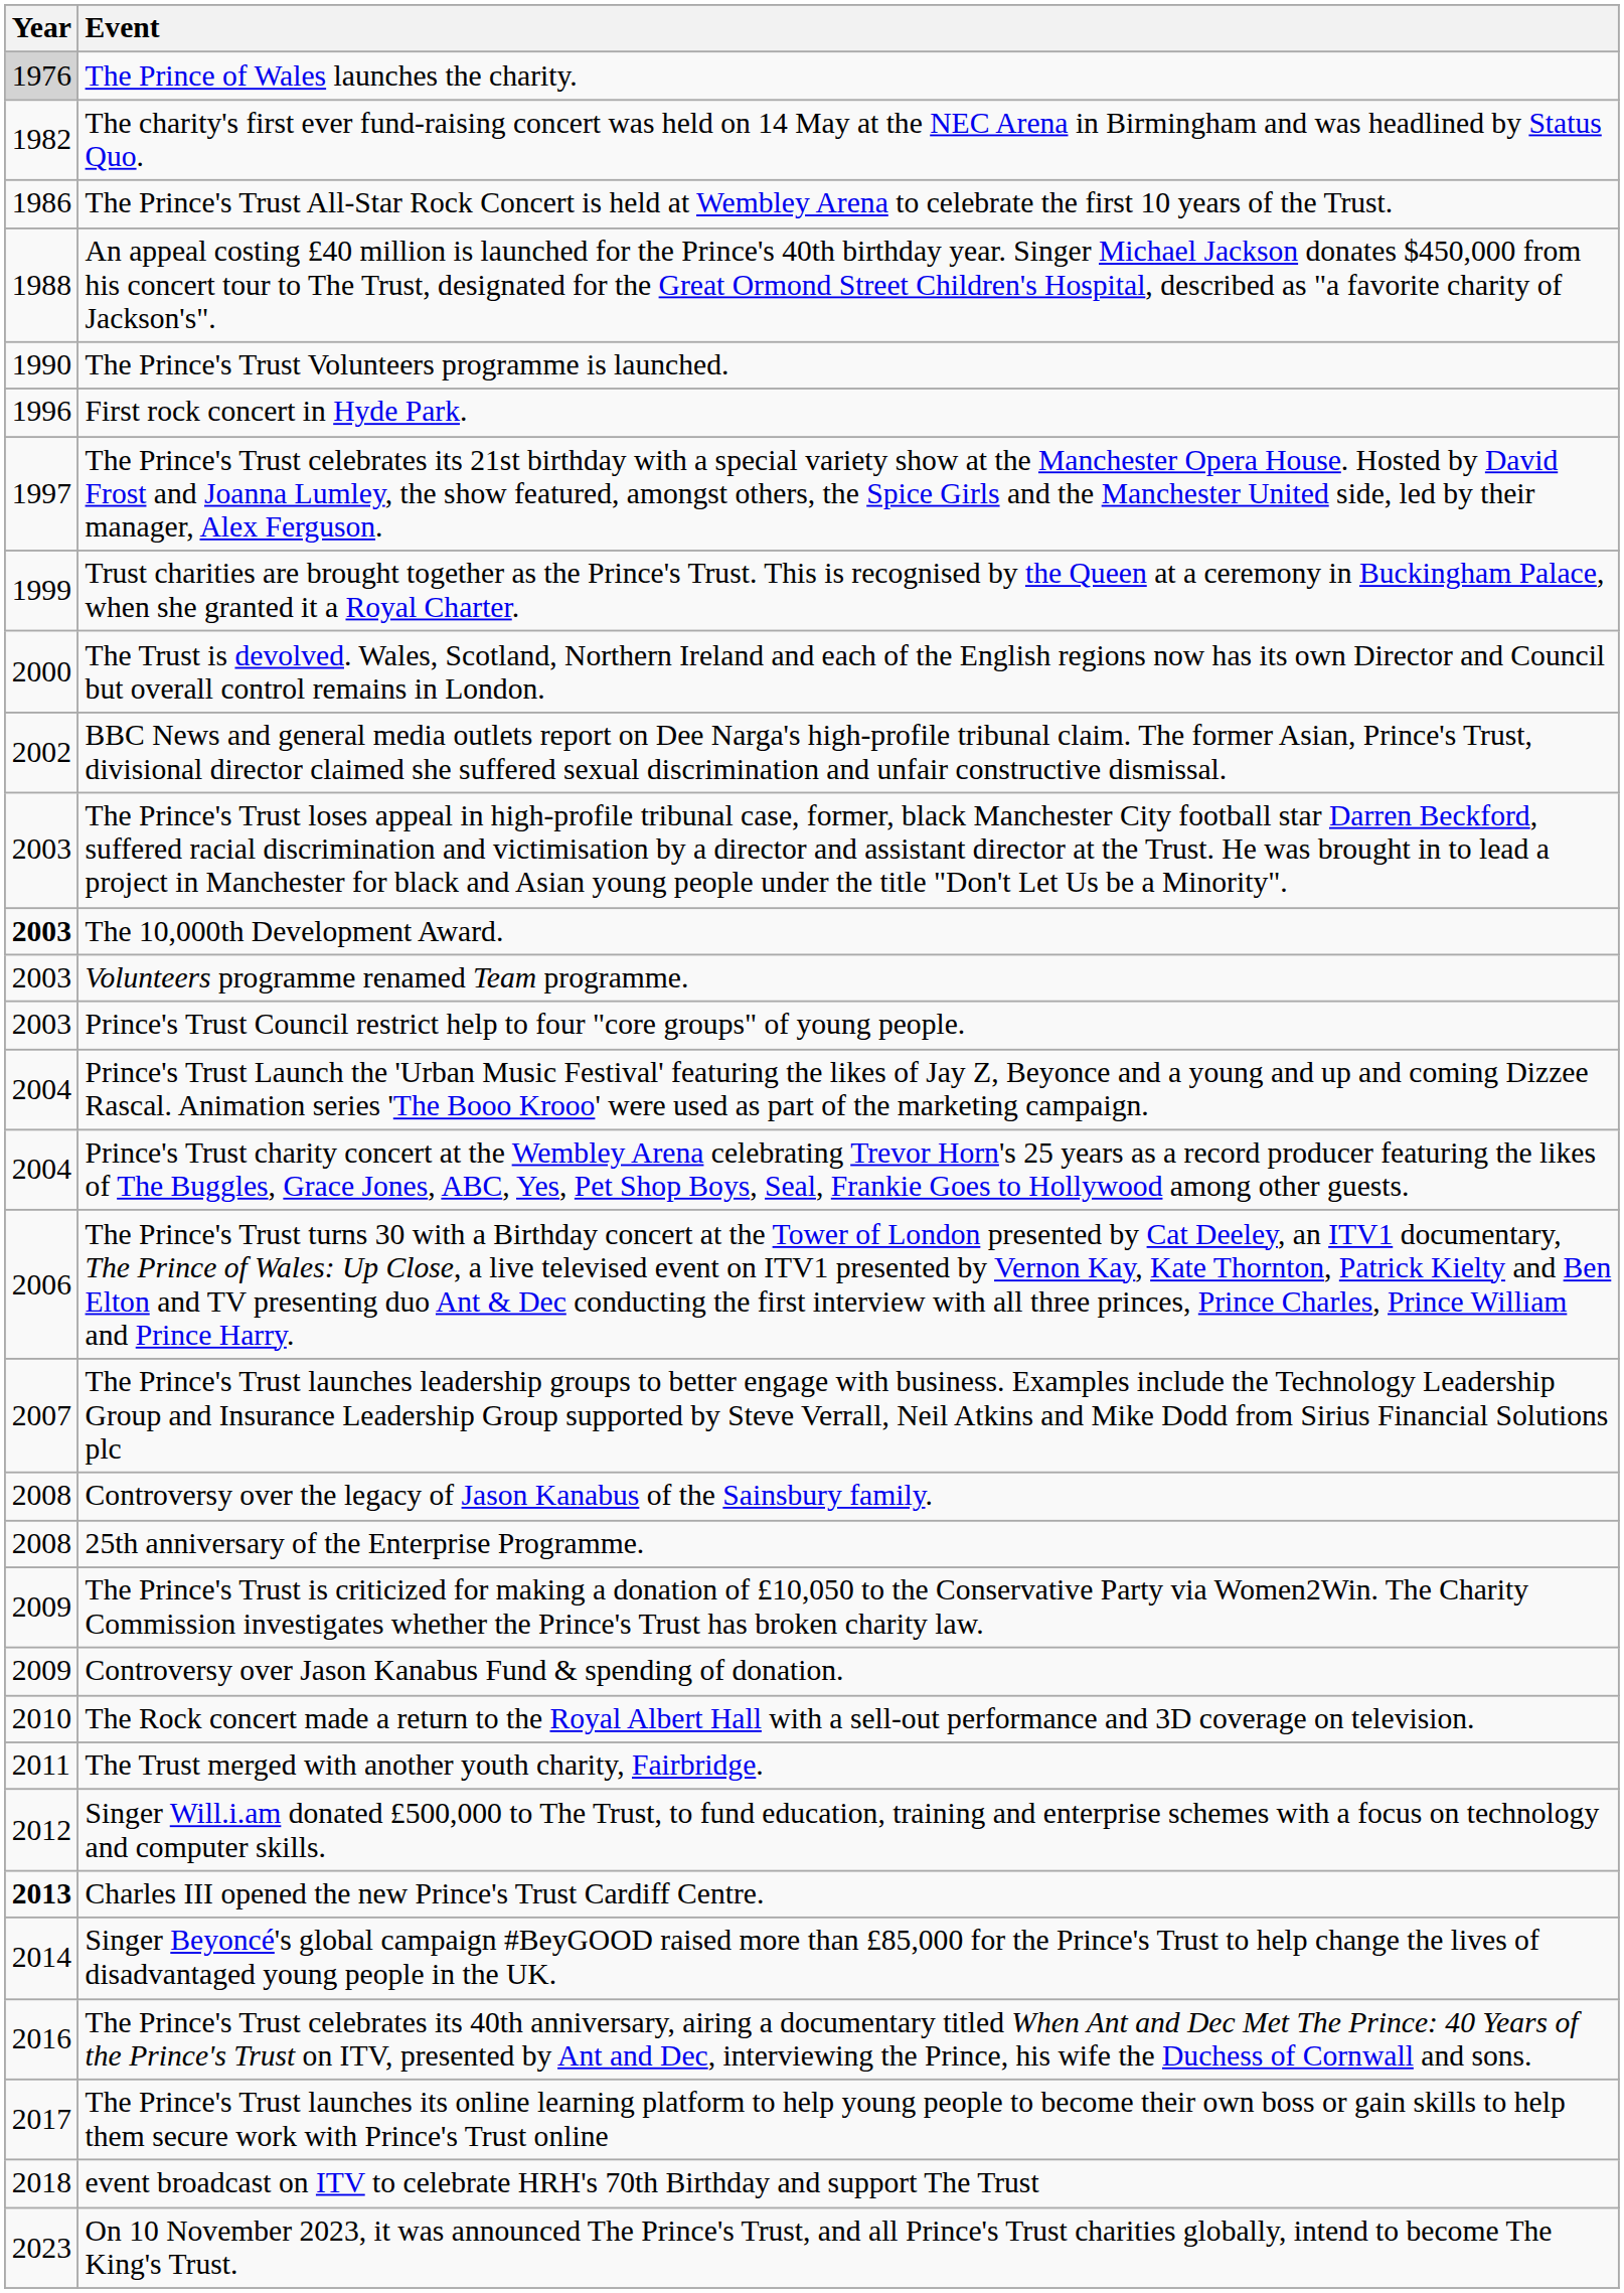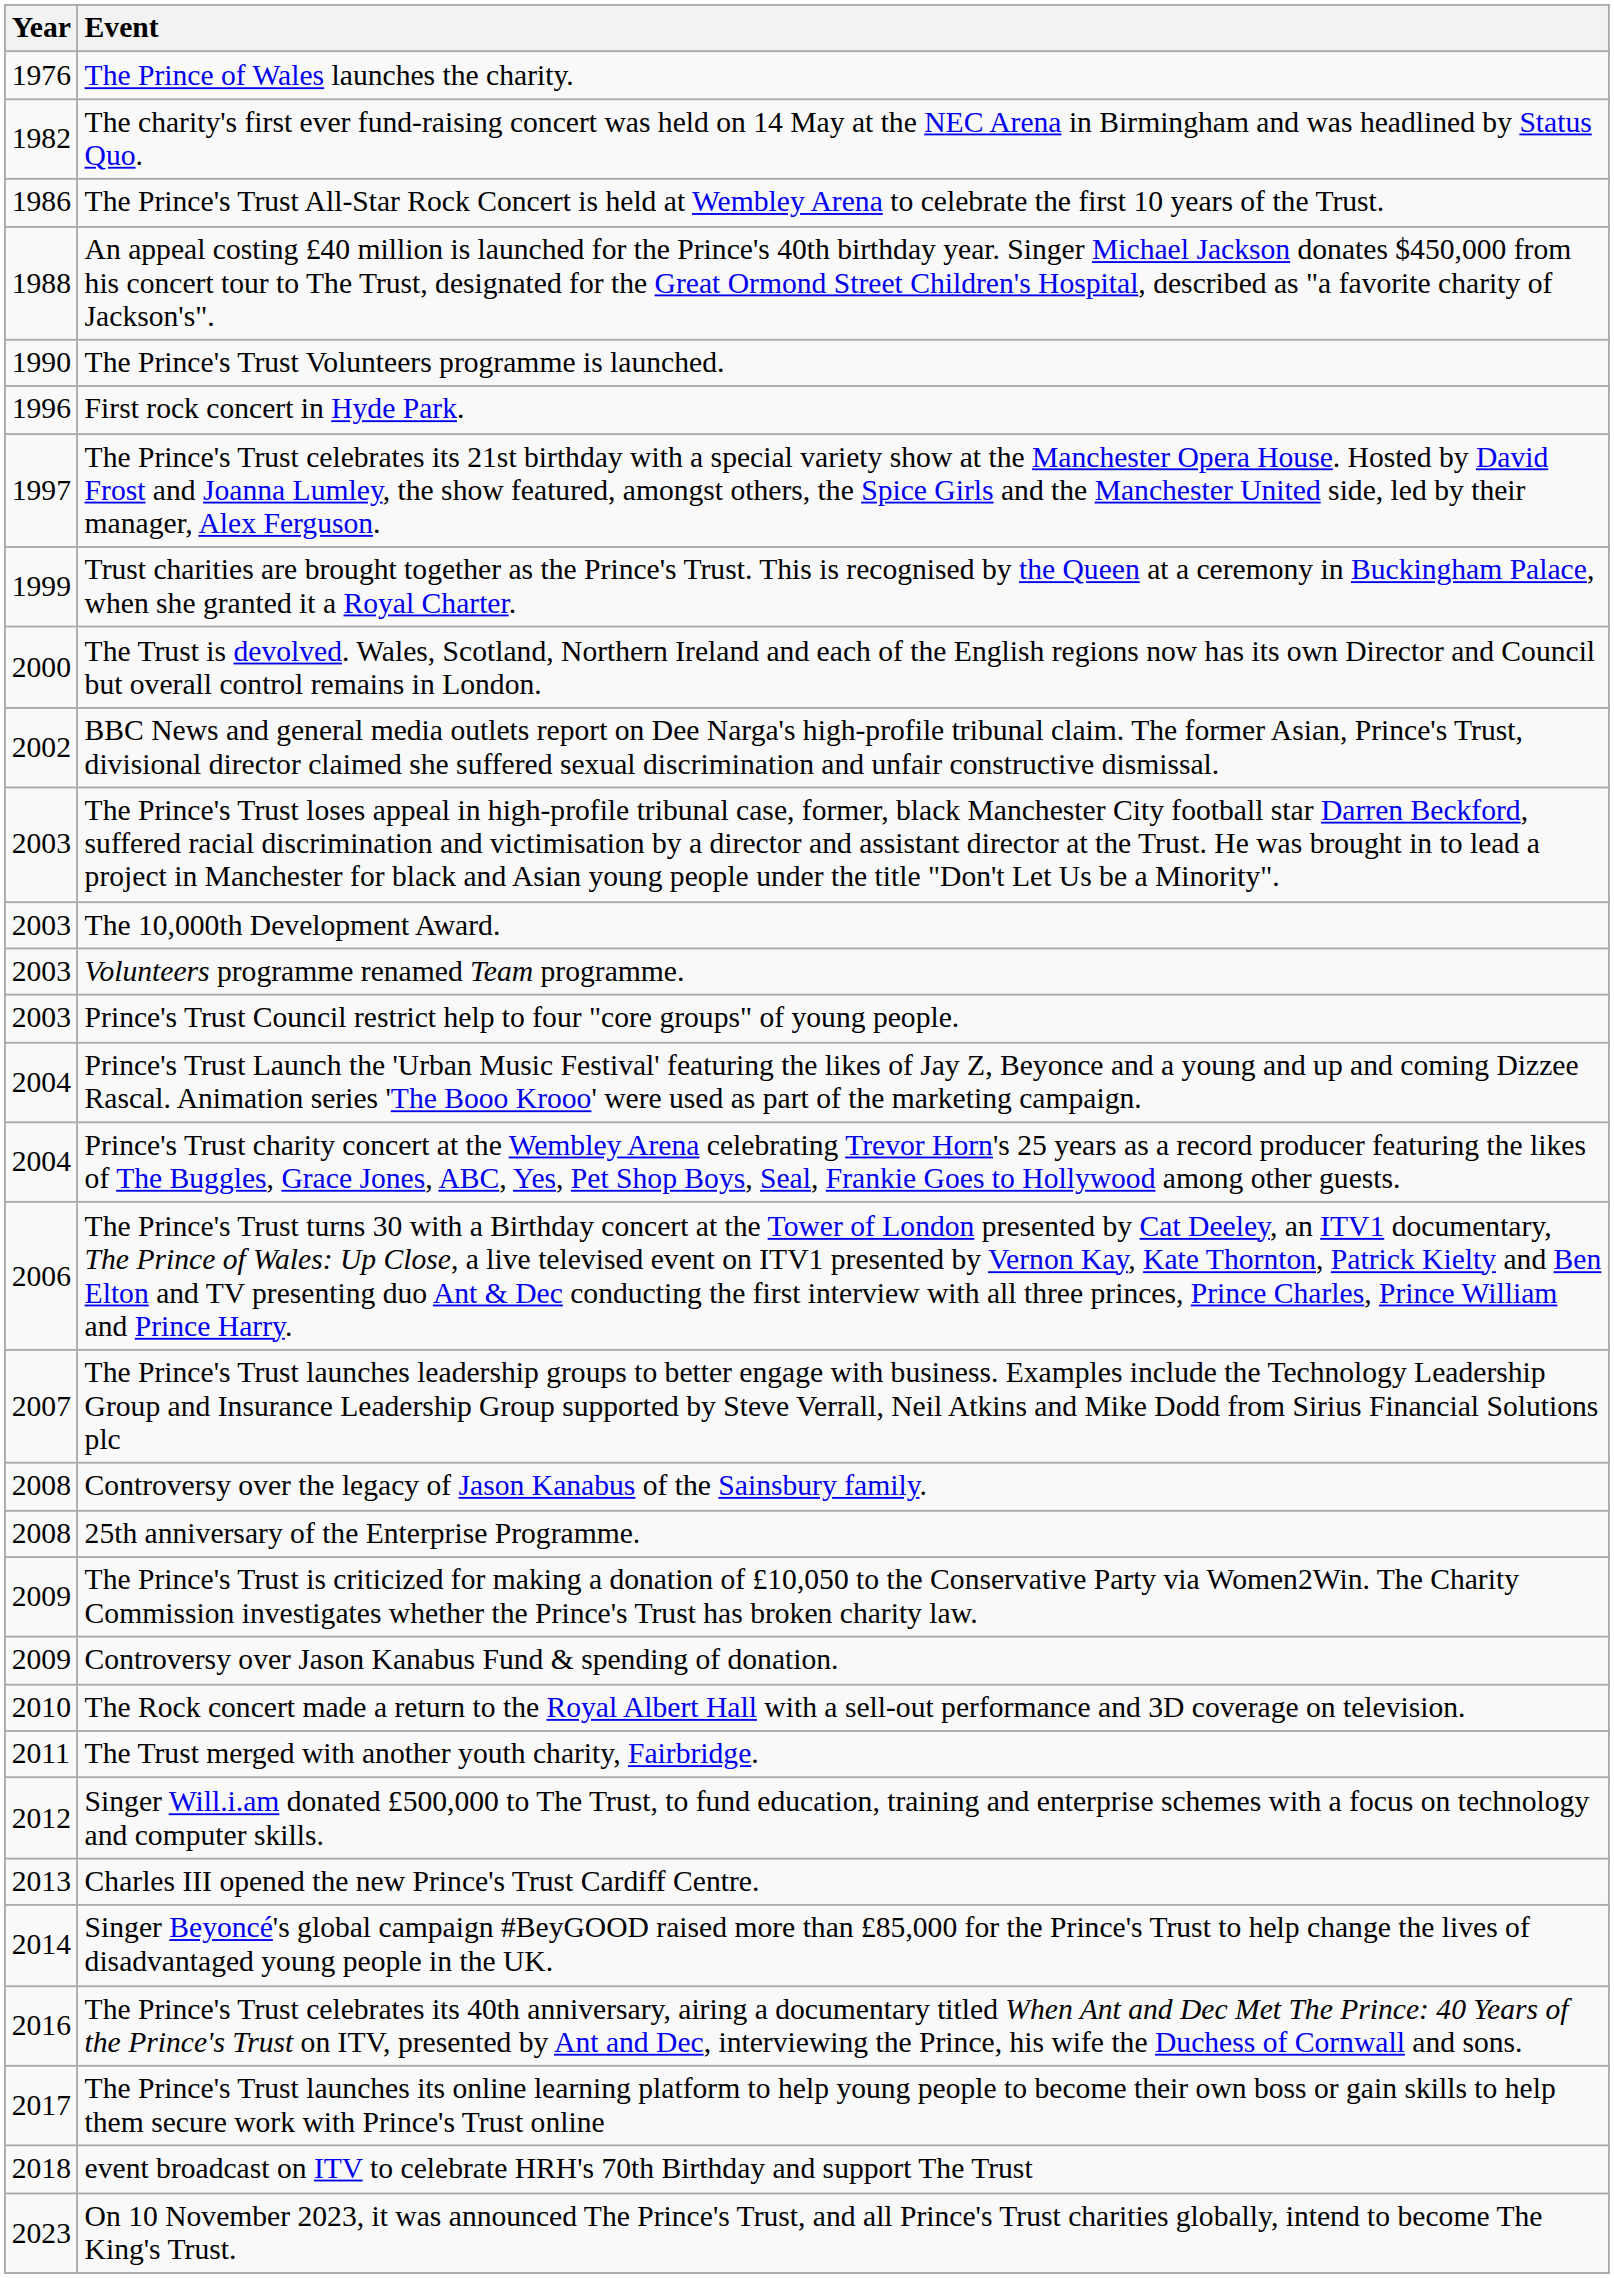 <table class="wikitable">
 <tr>
 <th style="text-align:left">Year</th>
 <th style="text-align:left">Event</th>
 </tr>
 <tr>
-<td style="background: lightgrey;">1976</td>
+<td>1976</td>
 <td><a href='#'>The Prince of Wales</a> launches the charity.</td>
 </tr>
 <tr>
 <td>1982</td>
 <td>The charity's first ever fund-raising concert was held on 14 May at the <a href='#'>NEC Arena</a> in Birmingham and was headlined by <a href='#'>Status Quo</a>.</td>
 </tr>
 <tr>
 <td>1986</td>
 <td>The Prince's Trust All-Star Rock Concert is held at <a href='#'>Wembley Arena</a> to celebrate the first 10 years of the Trust.</td>
 </tr>
 <tr>
 <td>1988</td>
 <td>An appeal costing £40 million is launched for the Prince's 40th birthday year. Singer <a href='#'>Michael Jackson</a> donates $450,000 from his concert tour to The Trust, designated for the <a href='#'>Great Ormond Street Children's Hospital</a>, described as "a favorite charity of Jackson's".</td>
 </tr>
 <tr>
 <td>1990</td>
 <td>The Prince's Trust Volunteers programme is launched.</td>
 </tr>
 <tr>
 <td>1996</td>
 <td>First rock concert in <a href='#'>Hyde Park</a>.</td>
 </tr>
 <tr>
 <td>1997</td>
 <td>The Prince's Trust celebrates its 21st birthday with a special variety show at the <a href='#'>Manchester Opera House</a>. Hosted by <a href='#'>David Frost</a> and <a href='#'>Joanna Lumley</a>, the show featured, amongst others, the <a href='#'>Spice Girls</a> and the <a href='#'>Manchester United</a> side, led by their manager, <a href='#'>Alex Ferguson</a>.</td>
 </tr>
 <tr>
 <td>1999</td>
 <td>Trust charities are brought together as the Prince's Trust. This is recognised by <a href='#'>the Queen</a> at a ceremony in <a href='#'>Buckingham Palace</a>, when she granted it a <a href='#'>Royal Charter</a>.</td>
 </tr>
 <tr>
 <td>2000</td>
 <td>The Trust is <a href='#'>devolved</a>. Wales, Scotland, Northern Ireland and each of the English regions now has its own Director and Council but overall control remains in London.</td>
 </tr>
 <tr>
 <td>2002</td>
 <td>BBC News and general media outlets report on Dee Narga's high-profile tribunal claim. The former Asian, Prince's Trust, divisional director claimed she suffered sexual discrimination and unfair constructive dismissal.</td>
 </tr>
 <tr>
 <td>2003</td>
 <td>The Prince's Trust loses appeal in high-profile tribunal case, former, black Manchester City football star <a href='#'>Darren Beckford</a>, suffered racial discrimination and victimisation by a director and assistant director at the Trust. He was brought in to lead a project in Manchester for black and Asian young people under the title "Don't Let Us be a Minority".</td>
 </tr>
 <tr>
-<td><strong>2003</strong></td>
+<td>2003</td>
 <td>The 10,000th Development Award.</td>
 </tr>
 <tr>
 <td>2003</td>
 <td><em>Volunteers</em> programme renamed <em>Team</em> programme.</td>
 </tr>
 <tr>
 <td>2003</td>
 <td>Prince's Trust Council restrict help to four "core groups" of young people.</td>
 </tr>
 <tr>
 <td>2004</td>
 <td>Prince's Trust Launch the 'Urban Music Festival' featuring the likes of Jay Z, Beyonce and a young and up and coming Dizzee Rascal. Animation series '<a href='#'>The Booo Krooo</a>' were used as part of the marketing campaign.</td>
 </tr>
 <tr>
 <td>2004</td>
 <td>Prince's Trust charity concert at the <a href='#'>Wembley Arena</a> celebrating <a href='#'>Trevor Horn</a>'s 25 years as a record producer featuring the likes of <a href='#'>The Buggles</a>, <a href='#'>Grace Jones</a>, <a href='#'>ABC</a>, <a href='#'>Yes</a>, <a href='#'>Pet Shop Boys</a>, <a href='#'>Seal</a>, <a href='#'>Frankie Goes to Hollywood</a> among other guests.</td>
 </tr>
 <tr>
 <td>2006</td>
 <td>The Prince's Trust turns 30 with a Birthday concert at the <a href='#'>Tower of London</a> presented by <a href='#'>Cat Deeley</a>, an <a href='#'>ITV1</a> documentary, <em>The Prince of Wales: Up Close</em>, a live televised event on ITV1 presented by <a href='#'>Vernon Kay</a>, <a href='#'>Kate Thornton</a>, <a href='#'>Patrick Kielty</a> and <a href='#'>Ben Elton</a> and TV presenting duo <a href='#'>Ant & Dec</a> conducting the first interview with all three princes, <a href='#'>Prince Charles</a>, <a href='#'>Prince William</a> and <a href='#'>Prince Harry</a>.</td>
 </tr>
 <tr>
 <td>2007</td>
 <td>The Prince's Trust launches leadership groups to better engage with business.  Examples include the Technology Leadership Group and Insurance Leadership Group supported by Steve Verrall, Neil Atkins and Mike Dodd from Sirius Financial Solutions plc</td>
 </tr>
 <tr>
 <td>2008</td>
 <td>Controversy over the legacy of <a href='#'>Jason Kanabus</a> of the <a href='#'>Sainsbury family</a>.</td>
 </tr>
 <tr>
 <td>2008</td>
 <td>25th anniversary of the Enterprise Programme.</td>
 </tr>
 <tr>
 <td>2009</td>
 <td>The Prince's Trust is criticized for making a donation of £10,050 to the Conservative Party via Women2Win. The Charity Commission investigates whether the Prince's Trust has broken charity law.</td>
 </tr>
 <tr>
 <td>2009</td>
 <td>Controversy over Jason Kanabus Fund & spending of donation.</td>
 </tr>
 <tr>
 <td>2010</td>
 <td>The Rock concert made a return to the <a href='#'>Royal Albert Hall</a> with a sell-out performance and 3D coverage on television.</td>
 </tr>
 <tr>
 <td>2011</td>
 <td>The Trust merged with another youth charity, <a href='#'>Fairbridge</a>.</td>
 </tr>
 <tr>
 <td>2012</td>
 <td>Singer <a href='#'>Will.i.am</a> donated £500,000 to The Trust, to fund education, training and enterprise schemes with a focus on technology and computer skills.</td>
 </tr>
 <tr>
-<td><strong>2013</strong></td>
+<td>2013</td>
 <td>Charles III opened the new Prince's Trust Cardiff Centre.</td>
 </tr>
 <tr>
 <td>2014</td>
 <td>Singer <a href='#'>Beyoncé</a>'s global campaign #BeyGOOD raised more than £85,000 for the Prince's Trust to help change the lives of disadvantaged young people in the UK.</td>
 </tr>
 <tr>
 <td>2016</td>
 <td>The Prince's Trust celebrates its 40th anniversary, airing a documentary titled <em>When Ant and Dec Met The Prince: 40 Years of the Prince's Trust</em>  on ITV, presented by <a href='#'>Ant and Dec</a>, interviewing the Prince, his wife the <a href='#'>Duchess of Cornwall</a> and sons.</td>
 </tr>
 <tr>
 <td>2017</td>
 <td>The Prince's Trust launches its online learning platform to help young people to become their own boss or gain skills to help them secure work with Prince's Trust online</td>
 </tr>
 <tr>
 <td>2018</td>
 <td> event broadcast on <a href='#'>ITV</a> to celebrate HRH's 70th Birthday and support The Trust</td>
 </tr>
 <tr>
 <td>2023</td>
 <td>On 10 November 2023, it was announced The Prince's Trust, and all Prince's Trust charities globally, intend to become The King's Trust.</td>
 </tr>
 </table>
